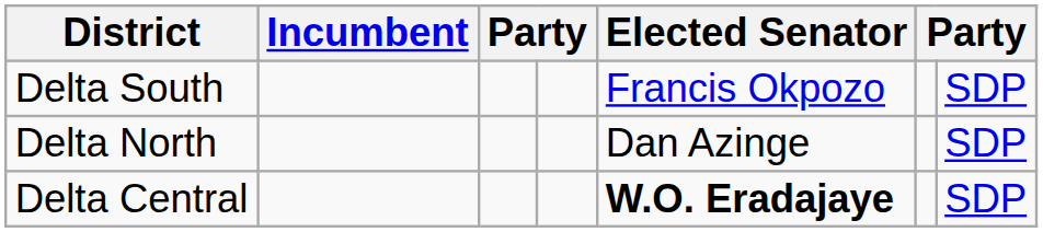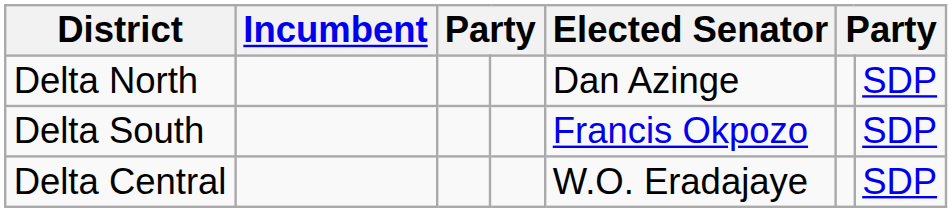 <table class="sortable wikitable" style="font-size:95%;line-height:14px;">
 <tr>
 <th class="unsortable">District</th>
 <th class="unsortable"><a href='#'>Incumbent</a></th>
 <th colspan="2">Party</th>
 <th class="unsortable">Elected Senator</th>
 <th colspan="2">Party</th>
+</tr>
+<tr>
+<td>Delta North</td>
+<td></td>
+<td></td>
+<td></td>
+<td>Dan Azinge</td>
+<td style="background:"></td>
+<td><a href='#'>SDP</a></td>
 </tr>
 <tr>
 <td>Delta South</td>
 <td></td>
 <td></td>
 <td></td>
 <td><a href='#'>Francis Okpozo</a></td>
 <td style="background:"></td>
 <td><a href='#'>SDP</a></td>
 </tr>
 <tr>
-<td>Delta North</td>
-<td></td>
-<td></td>
-<td></td>
-<td>Dan Azinge</td>
-<td style="background:"></td>
-<td><a href='#'>SDP</a></td>
-</tr>
-<tr>
 <td>Delta Central</td>
 <td></td>
 <td></td>
 <td></td>
-<td><strong>W.O. Eradajaye</strong></td>
+<td>W.O. Eradajaye</td>
 <td style="background:"></td>
 <td><a href='#'>SDP</a></td>
 </tr>
 </table>
